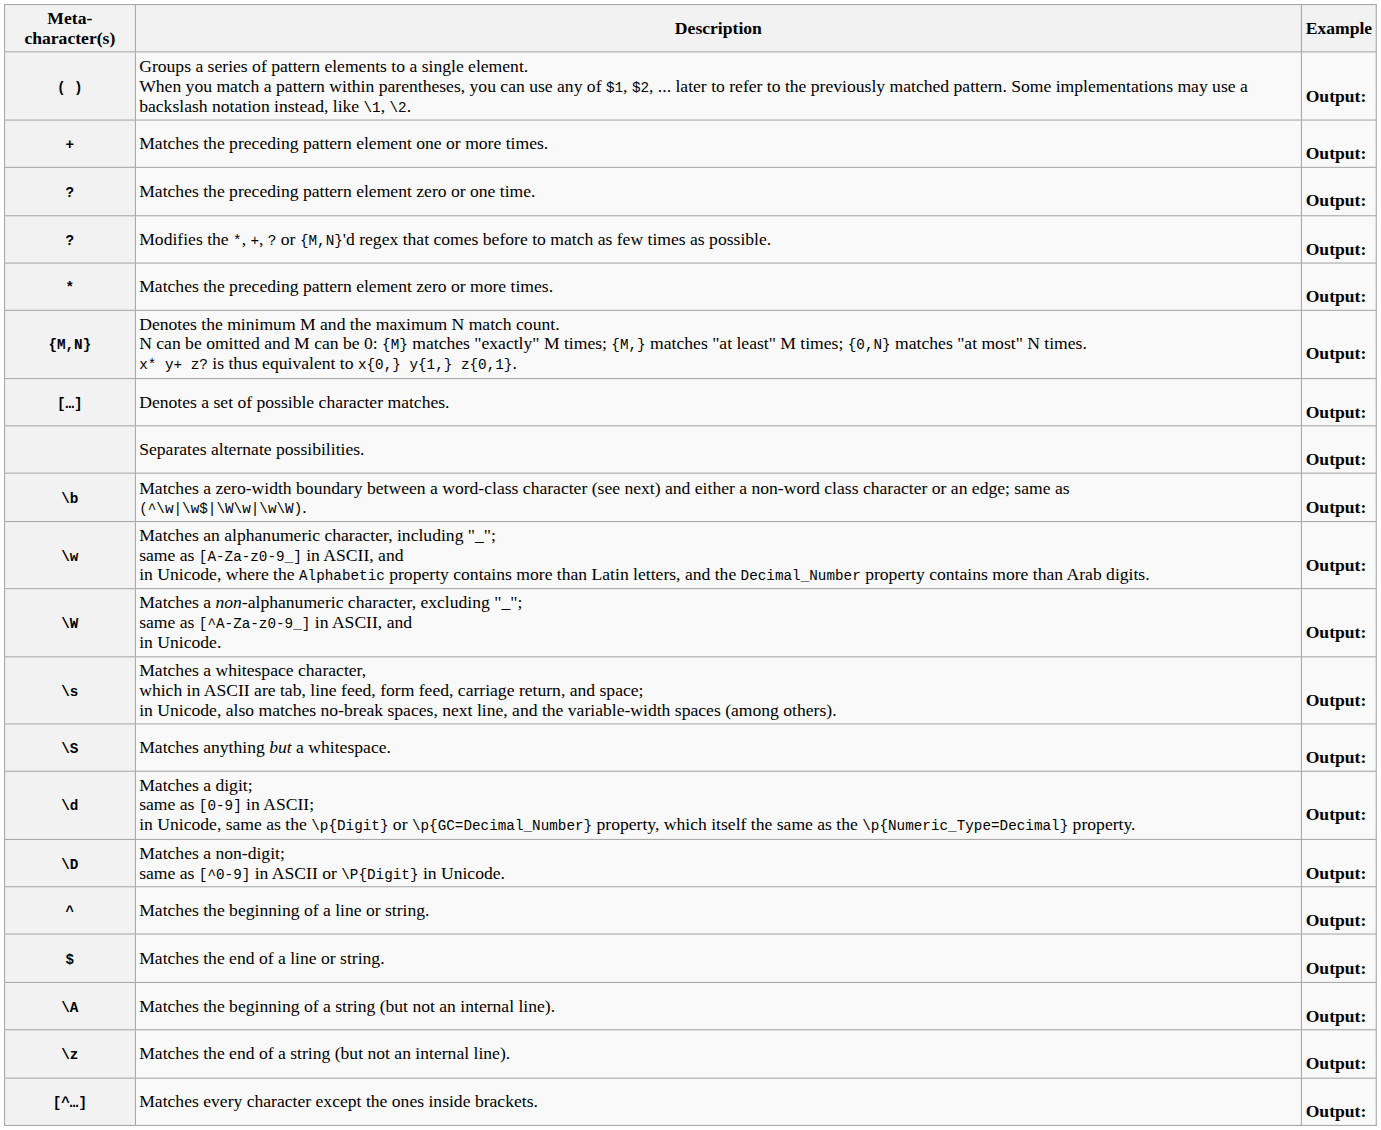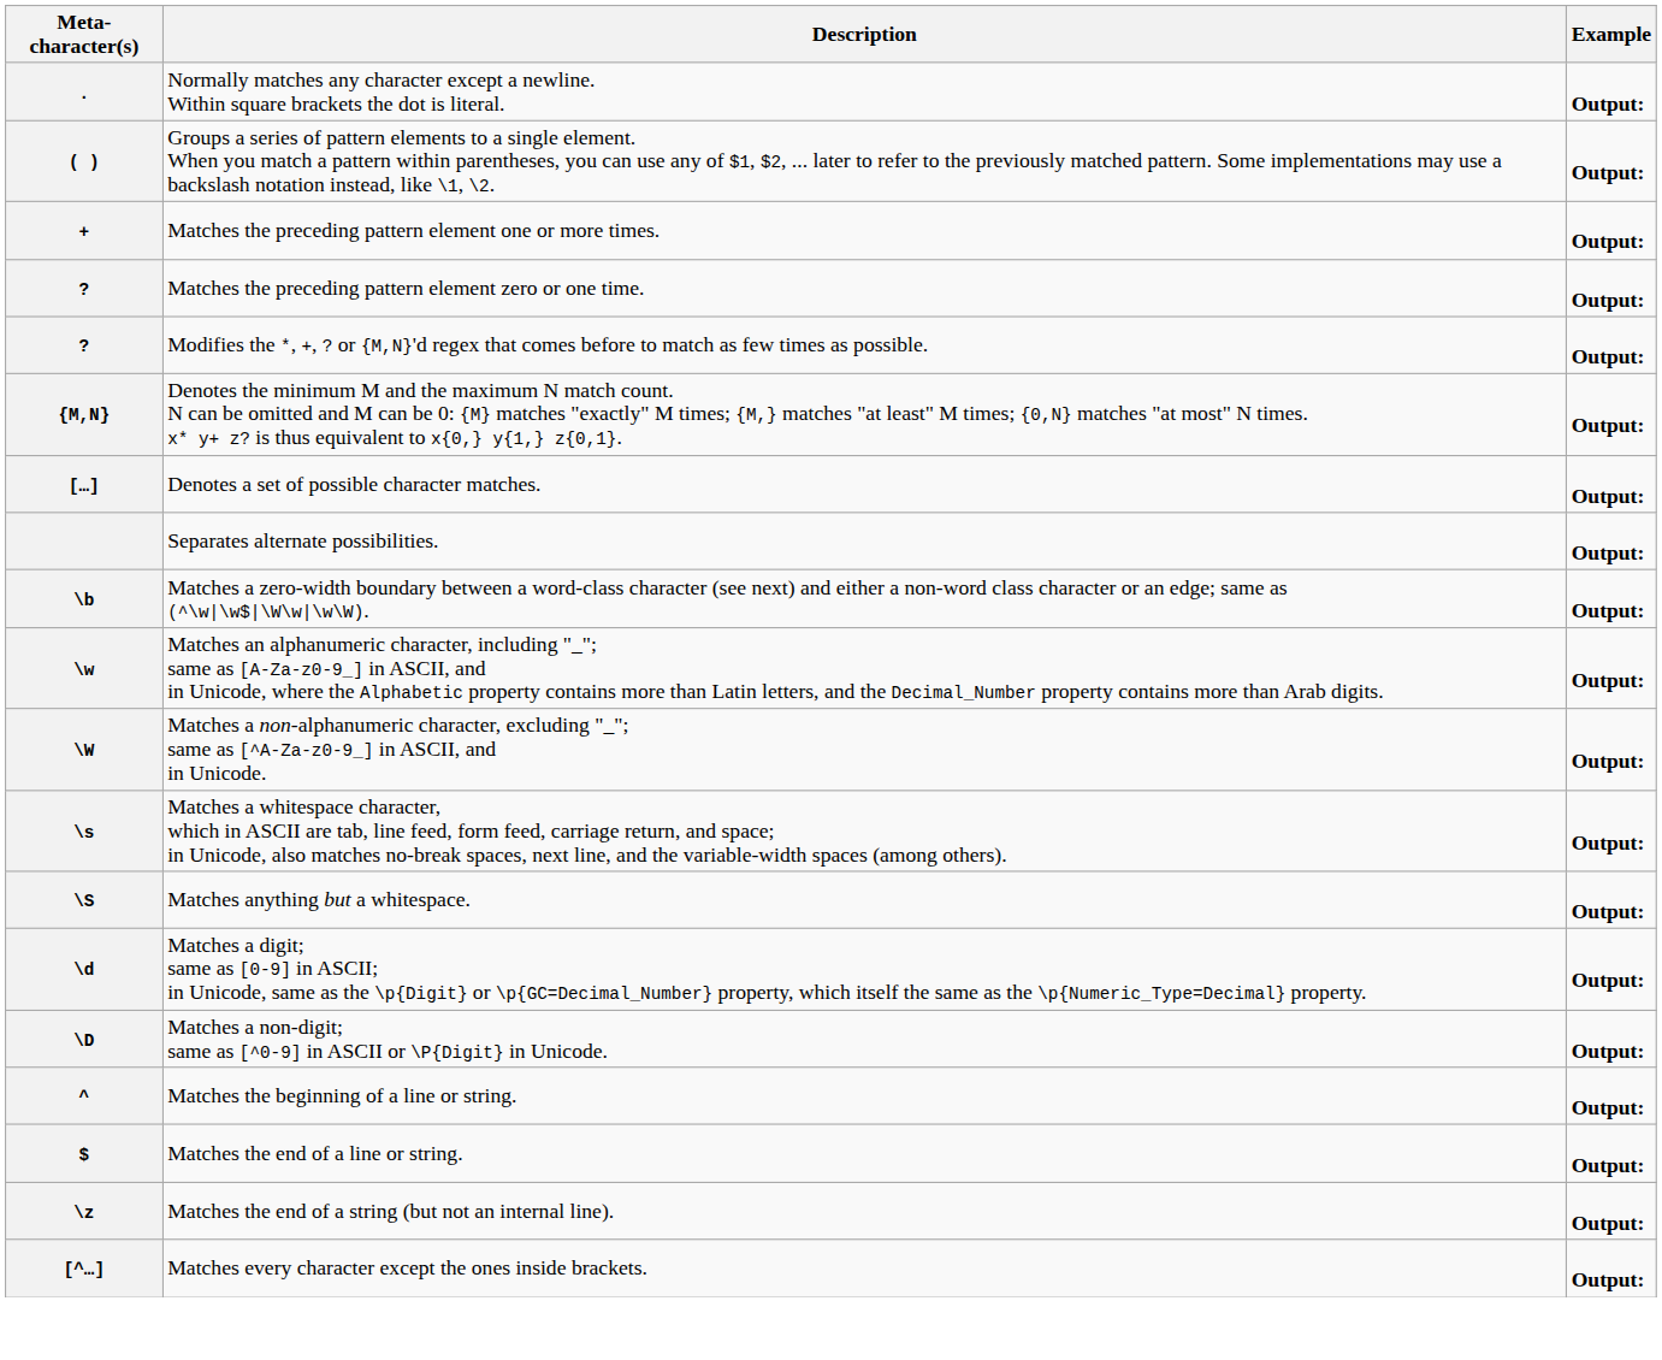 <table class="wikitable">
 <tr>
 <th>Meta­character(s)</th>
 <th>Description</th>
 <th>Example</th>
+</tr>
+<tr>
+<th><code>.</code></th>
+<td>Normally matches any character except a newline. <br>Within square brackets the dot is literal.</td>
+<td><br><strong>Output:</strong> </td>
 </tr>
 <tr>
 <th><code>( )</code></th>
 <td>Groups a series of pattern elements to a single element. <br>When you match a pattern within parentheses, you can use any of <code>$1</code>, <code>$2</code>, ... later to refer to the previously matched pattern. Some implementations may use a backslash notation instead, like <code>\1</code>, <code>\2</code>.</td>
 <td><br><strong>Output:</strong> </td>
 </tr>
 <tr>
 <th><code>+</code></th>
 <td>Matches the preceding pattern element one or more times.</td>
 <td><br><strong>Output:</strong> </td>
 </tr>
 <tr>
 <th><code>?</code></th>
 <td>Matches the preceding pattern element zero or one time.</td>
 <td><br><strong>Output:</strong> </td>
 </tr>
 <tr>
 <th><code>?</code></th>
 <td>Modifies the <code>*</code>, <code>+</code>, <code>?</code> or <code>{M,N}</code>'d regex that comes before to match as few times as possible.</td>
-<td><br><strong>Output:</strong> </td>
-</tr>
-<tr>
-<th><code>*</code></th>
-<td>Matches the preceding pattern element zero or more times.</td>
 <td><br><strong>Output:</strong> </td>
 </tr>
 <tr>
 <th><code>{M,N}</code></th>
 <td>Denotes the minimum M and the maximum N match count.<br>N can be omitted and M can be 0: <code>{M}</code> matches "exactly" M times; <code>{M,}</code> matches "at least" M times; <code>{0,N}</code> matches "at most" N times.<br><code>x* y+ z?</code> is thus equivalent to <code>x{0,} y{1,} z{0,1}</code>.</td>
 <td><br><strong>Output:</strong> </td>
 </tr>
 <tr>
 <th><code>[…]</code></th>
 <td>Denotes a set of possible character matches.</td>
 <td><br><strong>Output:</strong> </td>
 </tr>
 <tr>
 <th><code></code></th>
 <td>Separates alternate possibilities.</td>
 <td><br><strong>Output:</strong> </td>
 </tr>
 <tr>
 <th><code>\b</code></th>
 <td>Matches a zero-width boundary between a word-class character (see next) and either a non-word class character or an edge; same as<br><code>(^\w|\w$|\W\w|\w\W)</code>.</td>
 <td><br><strong>Output:</strong> </td>
 </tr>
 <tr>
 <th><code>\w</code></th>
 <td>Matches an alphanumeric character, including "_"; <br>same as <code>[A-Za-z0-9_]</code> in ASCII, and<br>in Unicode, where the <code>Alphabetic</code> property contains more than Latin letters, and the <code>Decimal_Number</code> property contains more than Arab digits.</td>
 <td><br><strong>Output:</strong> </td>
 </tr>
 <tr>
 <th><code>\W</code></th>
 <td>Matches a <em>non</em>-alphanumeric character, excluding "_"; <br>same as <code>[^A-Za-z0-9_]</code> in ASCII, and<br>in Unicode.</td>
 <td><br><strong>Output:</strong> </td>
 </tr>
 <tr>
 <th><code>\s</code></th>
 <td>Matches a whitespace character, <br>which in ASCII are tab, line feed, form feed, carriage return, and space; <br>in Unicode, also matches no-<wbr>break spaces, next line, and the variable-<wbr>width spaces (among others).</td>
 <td><br><strong>Output:</strong> </td>
 </tr>
 <tr>
 <th><code>\S</code></th>
 <td>Matches anything <em>but</em> a whitespace.</td>
 <td><br><strong>Output:</strong> </td>
 </tr>
 <tr>
 <th><code>\d</code></th>
 <td>Matches a digit; <br>same as <code>[0-9]</code> in ASCII; <br>in Unicode, same as the <code>\p{Digit}</code> or <code>\p{GC=Decimal_Number}</code> property, which itself the same as the <code>\p{Numeric_Type=Decimal}</code> property.</td>
 <td><br><strong>Output:</strong> </td>
 </tr>
 <tr>
 <th><code>\D</code></th>
 <td>Matches a non-digit; <br>same as <code>[^0-9]</code> in ASCII or <code>\P{Digit}</code> in Unicode.</td>
 <td><br><strong>Output:</strong> </td>
 </tr>
 <tr>
 <th><code>^</code></th>
 <td>Matches the beginning of a line or string.</td>
 <td><br><strong>Output:</strong> </td>
 </tr>
 <tr>
 <th><code>$</code></th>
 <td>Matches the end of a line or string.</td>
 <td><br><strong>Output:</strong> </td>
 </tr>
 <tr>
-<th><code>\A</code></th>
-<td>Matches the beginning of a string (but not an internal line).</td>
-<td><br><strong>Output:</strong> </td>
-</tr>
-<tr>
 <th><code>\z</code></th>
 <td>Matches the end of a string (but not an internal line).</td>
 <td><br><strong>Output:</strong> </td>
 </tr>
 <tr>
 <th><code>[^…]</code></th>
 <td>Matches every character except the ones inside brackets.</td>
 <td><br><strong>Output:</strong> </td>
 </tr>
 </table>
